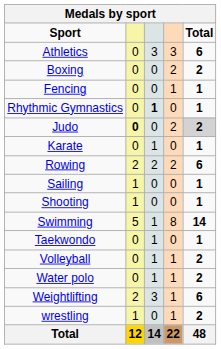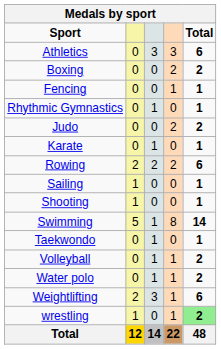 <table class="wikitable" style="font-size:85%; text-align:center;">
 <tr style="background:#efefef;">
 <th colspan=5><strong>Medals by sport</strong></th>
 </tr>
 <tr>
 <td><strong>Sport</strong></td>
 <td style="background:#f7f6a8;"></td>
 <td style="background:#dce5e5;"></td>
 <td style="background:#ffdab9;"></td>
 <td><strong>Total</strong></td>
 </tr>
 <tr>
 <td><a href='#'>Athletics</a></td>
 <td style="background:#F7F6A8;">0</td>
 <td style="background:#DCE5E5;">3</td>
 <td style="background:#FFDAB9;">3</td>
 <td><strong>6</strong></td>
 </tr>
 <tr>
 <td><a href='#'>Boxing</a></td>
 <td style="background:#F7F6A8;">0</td>
 <td style="background:#DCE5E5;">0</td>
 <td style="background:#FFDAB9;">2</td>
 <td><strong>2</strong></td>
 </tr>
 <tr>
 <td><a href='#'>Fencing</a></td>
 <td style="background:#F7F6A8;">0</td>
 <td style="background:#DCE5E5;">0</td>
 <td style="background:#FFDAB9;">1</td>
 <td><strong>1</strong></td>
 </tr>
 <tr>
 <td><a href='#'>Rhythmic Gymnastics</a></td>
 <td style="background:#F7F6A8;">0</td>
-<td style="background:#DCE5E5;"><strong>1</strong></td>
+<td style="background:#DCE5E5;">1</td>
 <td style="background:#FFDAB9;">0</td>
 <td><strong>1</strong></td>
 </tr>
 <tr>
 <td><a href='#'>Judo</a></td>
-<td style="background:#F7F6A8;"><strong>0</strong></td>
+<td style="background:#F7F6A8;">0</td>
 <td style="background:#DCE5E5;">0</td>
 <td style="background:#FFDAB9;">2</td>
-<td style="background: lightgrey;"><strong>2</strong></td>
+<td><strong>2</strong></td>
 </tr>
 <tr>
 <td><a href='#'>Karate</a></td>
 <td style="background:#F7F6A8;">0</td>
 <td style="background:#DCE5E5;">1</td>
 <td style="background:#FFDAB9;">0</td>
 <td><strong>1</strong></td>
 </tr>
 <tr>
 <td><a href='#'>Rowing</a></td>
 <td style="background:#F7F6A8;">2</td>
 <td style="background:#DCE5E5;">2</td>
 <td style="background:#FFDAB9;">2</td>
 <td><strong>6</strong></td>
 </tr>
 <tr>
 <td><a href='#'>Sailing</a></td>
 <td style="background:#F7F6A8;">1</td>
 <td style="background:#DCE5E5;">0</td>
 <td style="background:#FFDAB9;">0</td>
 <td><strong>1</strong></td>
 </tr>
 <tr>
 <td><a href='#'>Shooting</a></td>
 <td style="background:#F7F6A8;">1</td>
 <td style="background:#DCE5E5;">0</td>
 <td style="background:#FFDAB9;">0</td>
 <td><strong>1</strong></td>
 </tr>
 <tr>
 <td><a href='#'>Swimming</a></td>
 <td style="background:#F7F6A8;">5</td>
 <td style="background:#DCE5E5;">1</td>
 <td style="background:#FFDAB9;">8</td>
 <td><strong>14</strong></td>
 </tr>
 <tr>
 <td><a href='#'>Taekwondo</a></td>
 <td style="background:#F7F6A8;">0</td>
 <td style="background:#DCE5E5;">1</td>
 <td style="background:#FFDAB9;">0</td>
 <td><strong>1</strong></td>
 </tr>
 <tr>
 <td><a href='#'>Volleyball</a></td>
 <td style="background:#F7F6A8;">0</td>
 <td style="background:#DCE5E5;">1</td>
 <td style="background:#FFDAB9;">1</td>
 <td><strong>2</strong></td>
 </tr>
 <tr>
 <td><a href='#'>Water polo</a></td>
 <td style="background:#F7F6A8;">0</td>
 <td style="background:#DCE5E5;">1</td>
 <td style="background:#FFDAB9;">1</td>
 <td><strong>2</strong></td>
 </tr>
 <tr>
 <td><a href='#'>Weightlifting</a></td>
 <td style="background:#F7F6A8;">2</td>
 <td style="background:#DCE5E5;">3</td>
 <td style="background:#FFDAB9;">1</td>
 <td><strong>6</strong></td>
 </tr>
 <tr>
 <td><a href='#'>wrestling</a></td>
 <td style="background:#F7F6A8;">1</td>
 <td style="background:#DCE5E5;">0</td>
 <td style="background:#FFDAB9;">1</td>
-<td><strong>2</strong></td>
+<td style="background: lightgreen;"><strong>2</strong></td>
 </tr>
 <tr>
 <th>Total</th>
 <th style="background:gold;">12</th>
 <th style="background:silver;">14</th>
 <th style="background:#c96;">22</th>
 <th>48</th>
 </tr>
 </table>
